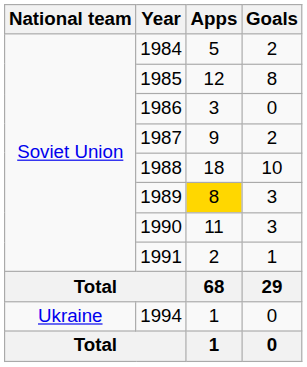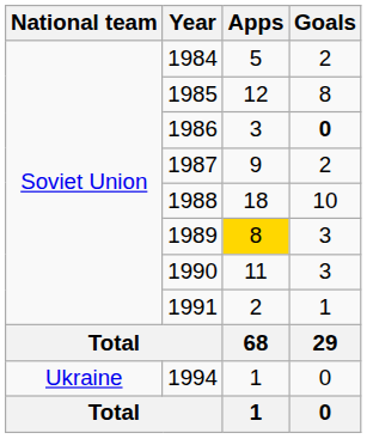 <table class="wikitable" style="text-align:center">
 <tr>
 <th>National team</th>
 <th>Year</th>
 <th width="40">Apps</th>
 <th width="40">Goals</th>
 </tr>
 <tr>
 <td rowspan="8"><a href='#'>Soviet Union</a></td>
 <td>1984</td>
 <td>5</td>
 <td>2</td>
 </tr>
 <tr>
 <td>1985</td>
 <td>12</td>
 <td>8</td>
 </tr>
 <tr>
 <td>1986</td>
 <td>3</td>
-<td>0</td>
+<td><strong>0</strong></td>
 </tr>
 <tr>
 <td>1987</td>
 <td>9</td>
 <td>2</td>
 </tr>
 <tr>
 <td>1988</td>
 <td>18</td>
 <td>10</td>
 </tr>
 <tr>
 <td>1989</td>
 <td style="background: gold;">8</td>
 <td>3</td>
 </tr>
 <tr>
 <td>1990</td>
 <td>11</td>
 <td>3</td>
 </tr>
 <tr>
 <td>1991</td>
 <td>2</td>
 <td>1</td>
 </tr>
 <tr>
 <th colspan="2">Total</th>
 <th>68</th>
 <th>29</th>
 </tr>
 <tr>
 <td><a href='#'>Ukraine</a></td>
 <td>1994</td>
 <td>1</td>
 <td>0</td>
 </tr>
 <tr>
 <th colspan="2">Total</th>
 <th>1</th>
 <th>0</th>
 </tr>
 </table>
